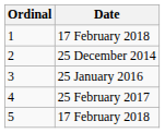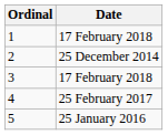 <table class="wikitable">
 <tr>
 <th>Ordinal</th>
 <th>Date</th>
 </tr>
 <tr>
 <td>1</td>
 <td>17 February 2018</td>
 </tr>
 <tr>
 <td>2</td>
 <td>25 December 2014</td>
 </tr>
 <tr>
 <td>3</td>
-<td>25 January 2016</td>
+<td>17 February 2018</td>
 </tr>
 <tr>
 <td>4</td>
 <td>25 February 2017</td>
 </tr>
 <tr>
 <td>5</td>
-<td>17 February 2018</td>
+<td>25 January 2016</td>
 </tr>
 </table>
